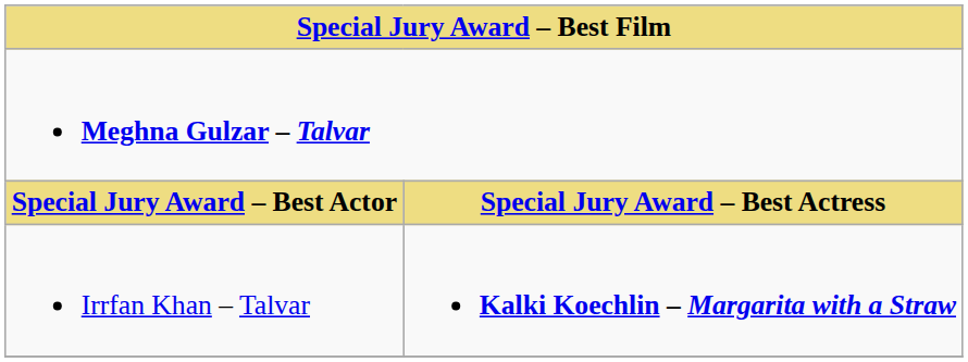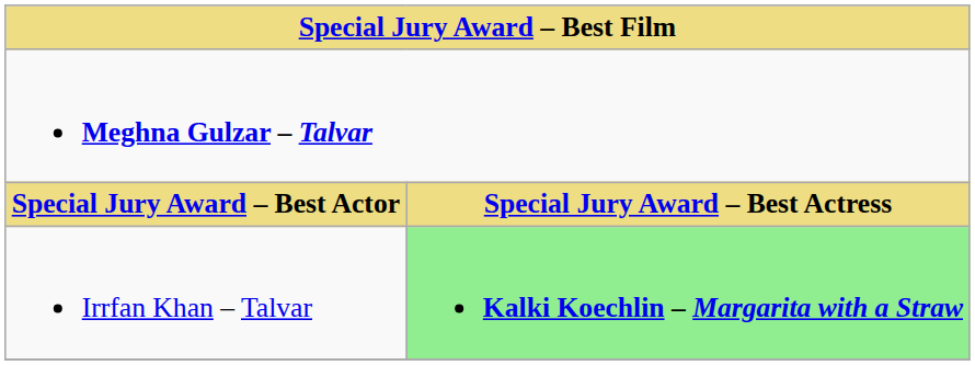 <table class="wikitable">
 <tr>
 <th ! style="background:#EEDD82;text-align:center;" colspan="2"><a href='#'>Special Jury Award</a> – Best Film</th>
 </tr>
 <tr>
 <td valign="top" colspan="2"><br><ul><li><strong><a href='#'>Meghna Gulzar</a> – <em><a href='#'>Talvar</a><strong><em></li></ul></td>
 </tr>
 <tr>
 <th ! style="background:#eedd82; text-align:center;"><a href='#'>Special Jury Award</a> – Best Actor</th>
 <th ! style="background:#EEDD82;text-align:center;"><a href='#'>Special Jury Award</a> – Best Actress</th>
 </tr>
 <tr>
 <td valign="top"><br><ul><li></strong><a href='#'>Irrfan Khan</a> – </em><a href='#'>Talvar</a></em></strong></li></ul></td>
-<td valign="top"><br><ul><li><strong><a href='#'>Kalki Koechlin</a> – <em><a href='#'>Margarita with a Straw</a><strong><em></li></ul></td>
+<td valign="top" style="background: lightgreen;"><br><ul><li><strong><a href='#'>Kalki Koechlin</a> – <em><a href='#'>Margarita with a Straw</a><strong><em></li></ul></td>
 </tr>
 <tr>
 </tr>
 </table>
